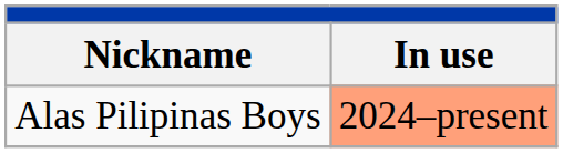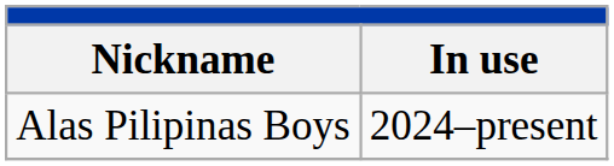 <table class="wikitable floatright">
 <tr>
 <th colspan="2" style="background:#0038A8; color:#FFFFFF;"></th>
 </tr>
 <tr>
 <th>Nickname</th>
 <th>In use</th>
 </tr>
 <tr>
 <td>Alas Pilipinas Boys</td>
-<td style="background: lightsalmon; text-align:center">2024–present</td>
+<td style="text-align:center">2024–present</td>
 </tr>
 <tr>
 </tr>
 </table>
